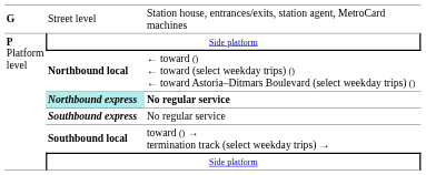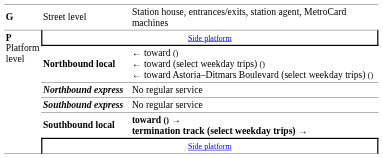 <table table border=0 cellspacing=0 cellpadding=3>
 <tr>
 <td style="border-top:solid 1px gray;" width=50><strong>G</strong></td>
 <td style="border-top:solid 1px gray;" width=150>Street level</td>
 <td style="border-top:solid 1px gray;" width=450>Station house, entrances/exits, station agent, MetroCard machines</td>
 </tr>
 <tr>
 <td style="border-top:solid 1px gray;border-bottom:solid 1px gray;vertical-align:top;" rowspan=6><strong>P</strong><br>Platform level</td>
 <td style="border-top:solid 1px gray;border-right:solid 2px black;border-left:solid 2px black;border-bottom:solid 2px black;text-align:center;" colspan=2><small><a href='#'>Side platform</a></small></td>
 </tr>
 <tr>
 <td style="border-bottom:solid 1px gray;"><span><strong>Northbound local</strong></span></td>
 <td style="border-bottom:solid 1px gray;">←  toward  <small>()</small><br>←  toward  (select weekday trips) <small>()</small><br>←  toward Astoria–Ditmars Boulevard (select weekday trips) <small>()</small></td>
 </tr>
 <tr>
-<td style="background: paleturquoise; border-bottom:solid 1px gray;" width=100><strong><em>Northbound express</em></strong></td>
-<td style="border-bottom:solid 1px gray;" width=400><strong> No regular service</strong></td>
+<td style="border-bottom:solid 1px gray;" width=100><strong><em>Northbound express</em></strong></td>
+<td style="border-bottom:solid 1px gray;" width=400> No regular service</td>
 </tr>
 <tr>
 <td style="border-bottom:solid 1px gray;"><strong><em>Southbound express</em></strong></td>
 <td style="border-bottom:solid 1px gray;"> No regular service</td>
 </tr>
 <tr>
 <td><span><strong>Southbound local</strong></span></td>
-<td>  toward  <small>()</small> → <br>  termination track (select weekday trips) →</td>
+<td><strong>  toward  <small>()</small> → <br>  termination track (select weekday trips) →</strong></td>
 </tr>
 <tr>
 <td style="border-bottom:solid 1px gray;border-top:solid 2px black;border-right:solid 2px black;border-left:solid 2px black;text-align:center;" colspan=2><small><a href='#'>Side platform</a></small></td>
 </tr>
 </table>
